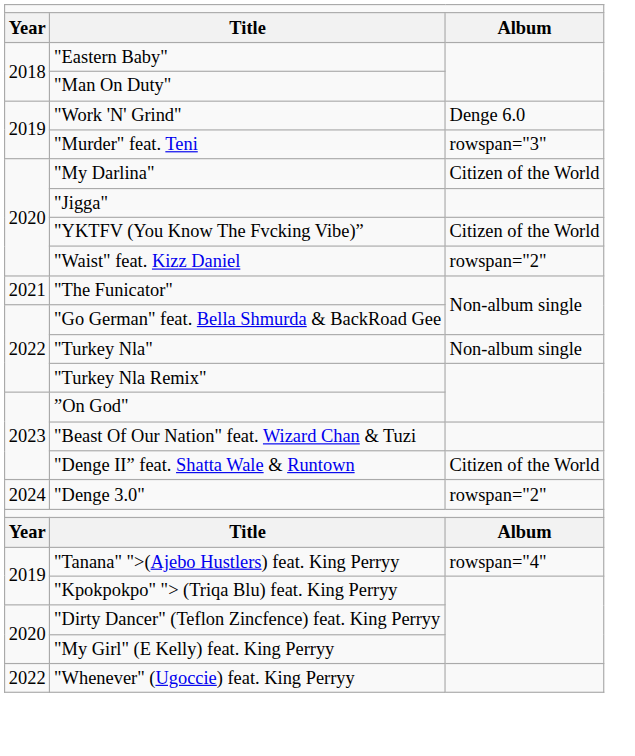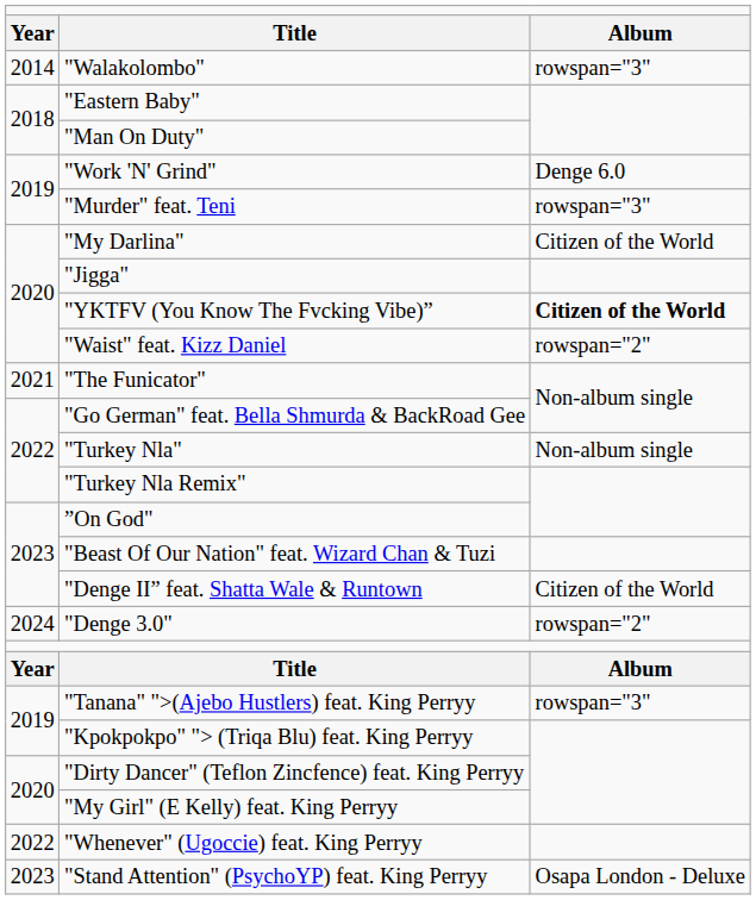 <table class="wikitable sortable">
 <tr>
 <td colspan="3" style="font-size:100%"></td>
 </tr>
 <tr>
 <th>Year</th>
 <th>Title</th>
 <th>Album</th>
+</tr>
+<tr>
+<td>2014</td>
+<td>"Walakolombo"</td>
+<td>rowspan="3"</td>
 </tr>
 <tr>
 <td rowspan="2">2018</td>
 <td>"Eastern Baby"</td>
 </tr>
 <tr>
 <td>"Man On Duty"</td>
 </tr>
 <tr>
 <td rowspan="2">2019</td>
 <td>"Work 'N' Grind" </td>
 <td>Denge 6.0</td>
 </tr>
 <tr>
 <td>"Murder" feat. <a href='#'>Teni</a></td>
 <td>rowspan="3"</td>
 </tr>
 <tr>
 <td rowspan="4">2020</td>
 <td>"My Darlina"</td>
 <td>Citizen of the World</td>
 </tr>
 <tr>
 <td>"Jigga"</td>
 </tr>
 <tr>
 <td>"YKTFV (You Know The Fvcking Vibe)”</td>
-<td>Citizen of the World</td>
+<td><strong>Citizen of the World</strong></td>
 </tr>
 <tr>
 <td>"Waist" feat. <a href='#'>Kizz Daniel</a></td>
 <td>rowspan="2"</td>
 </tr>
 <tr>
 <td>2021</td>
 <td>"The Funicator"</td>
 <td rowspan="2">Non-album single</td>
 </tr>
 <tr>
 <td rowspan="3">2022</td>
 <td>"Go German" feat. <a href='#'>Bella Shmurda</a> & BackRoad Gee</td>
 </tr>
 <tr>
 <td>"Turkey Nla" </td>
 <td>Non-album single</td>
 </tr>
 <tr>
 <td>"Turkey Nla Remix"</td>
 </tr>
 <tr>
 <td rowspan="3">2023</td>
 <td>”On God" </td>
 </tr>
 <tr>
 <td>"Beast Of Our Nation"  feat. <a href='#'>Wizard Chan</a> & Tuzi</td>
 <td></td>
 </tr>
 <tr>
 <td>"Denge II” feat. <a href='#'>Shatta Wale</a> & <a href='#'>Runtown</a></td>
 <td>Citizen of the World</td>
 </tr>
 <tr>
 <td>2024</td>
 <td>"Denge 3.0"</td>
 <td>rowspan="2"</td>
 </tr>
 <tr>
 <td colspan="3" style="font-size:100%"></td>
 </tr>
 <tr>
 <th>Year</th>
 <th>Title</th>
 <th>Album</th>
 </tr>
 <tr>
 <td rowspan="2">2019</td>
 <td>"Tanana" <span>">(<a href='#'>Ajebo Hustlers</a>) feat. King Perryy</span></td>
-<td>rowspan="4" </td>
+<td>rowspan="3"</td>
 </tr>
 <tr>
 <td>"Kpokpokpo" <span>"> (Triqa Blu) feat. King Perryy</span></td>
 </tr>
 <tr>
 <td rowspan="2">2020</td>
 <td>"Dirty Dancer" (Teflon Zincfence) feat. King Perryy</td>
 </tr>
 <tr>
 <td>"My Girl" (E Kelly) feat. King Perryy</td>
 </tr>
 <tr>
 <td>2022</td>
 <td>"Whenever" (<a href='#'>Ugoccie</a>) feat. King Perryy</td>
 <td></td>
 </tr>
+<tr>
+<td>2023</td>
+<td>"Stand Attention" (<a href='#'>PsychoYP</a>) feat. King Perryy</td>
+<td>Osapa London - Deluxe</td>
+</tr>
 </table>
